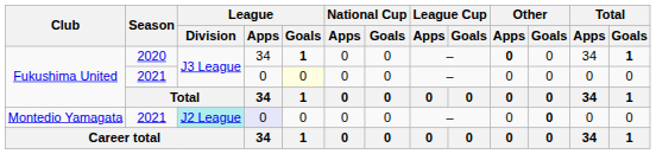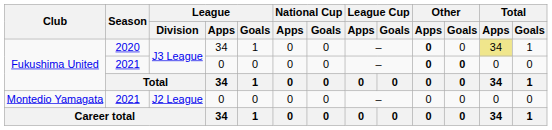 <table class="wikitable" style="text-align: center">
 <tr>
 <th rowspan="2">Club</th>
 <th rowspan="2">Season</th>
 <th colspan="3">League</th>
 <th colspan="2">National Cup</th>
 <th colspan="2">League Cup</th>
 <th colspan="2">Other</th>
 <th colspan="2">Total</th>
 </tr>
 <tr>
 <th>Division</th>
 <th>Apps</th>
 <th>Goals</th>
 <th>Apps</th>
 <th>Goals</th>
 <th>Apps</th>
 <th>Goals</th>
 <th>Apps</th>
 <th>Goals</th>
 <th>Apps</th>
 <th>Goals</th>
 </tr>
 <tr>
 <td rowspan="3"><a href='#'>Fukushima United</a></td>
 <td><a href='#'>2020</a></td>
 <td rowspan="2"><a href='#'>J3 League</a></td>
 <td>34</td>
-<td><strong>1</strong></td>
+<td>1</td>
 <td>0</td>
 <td>0</td>
 <td colspan="2">–</td>
 <td><strong>0</strong></td>
 <td>0</td>
-<td>34</td>
-<td><strong>1</strong></td>
+<td style="background: khaki;">34</td>
+<td>1</td>
 </tr>
 <tr>
 <td><a href='#'>2021</a></td>
 <td>0</td>
-<td style="background: lightyellow;">0</td>
+<td>0</td>
 <td>0</td>
 <td>0</td>
 <td colspan="2">–</td>
-<td>0</td>
-<td>0</td>
+<td><strong>0</strong></td>
+<td><strong>0</strong></td>
 <td>0</td>
 <td>0</td>
 </tr>
 <tr>
 <th colspan=2>Total</th>
 <th>34</th>
 <th>1</th>
 <th>0</th>
 <th>0</th>
 <th>0</th>
 <th>0</th>
 <th>0</th>
 <th>0</th>
 <th>34</th>
 <th>1</th>
 </tr>
 <tr>
 <td><a href='#'>Montedio Yamagata</a></td>
 <td><a href='#'>2021</a></td>
-<td style="background: paleturquoise;"><a href='#'>J2 League</a></td>
-<td style="background: lavender;">0</td>
+<td><a href='#'>J2 League</a></td>
+<td>0</td>
 <td>0</td>
 <td>0</td>
 <td>0</td>
 <td colspan="2">–</td>
 <td>0</td>
-<td><strong>0</strong></td>
+<td>0</td>
 <td>0</td>
 <td>0</td>
 </tr>
 <tr>
 <th colspan=3>Career total</th>
 <th>34</th>
 <th>1</th>
 <th>0</th>
 <th>0</th>
 <th>0</th>
 <th>0</th>
 <th>0</th>
 <th>0</th>
 <th>34</th>
 <th>1</th>
 </tr>
 </table>
